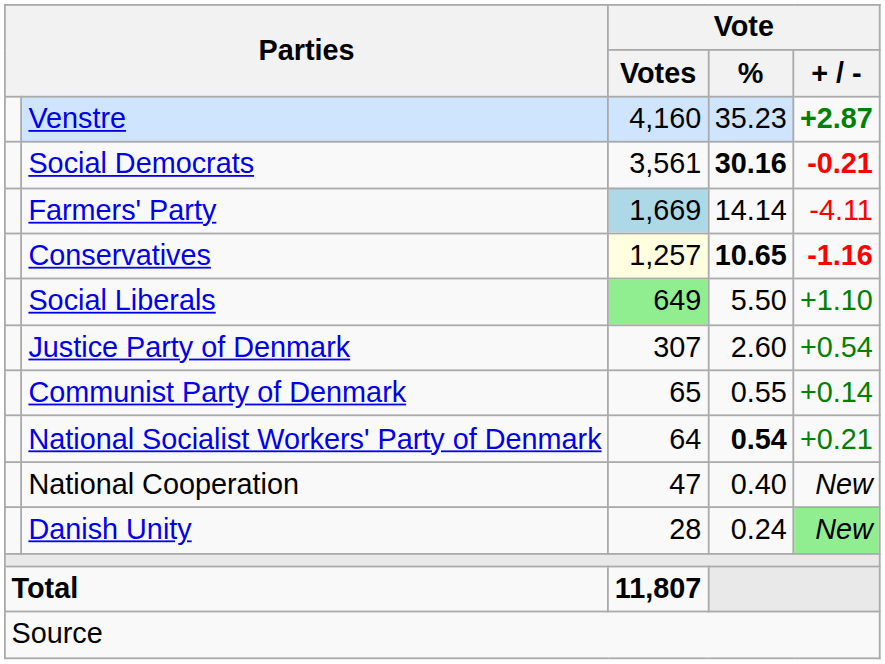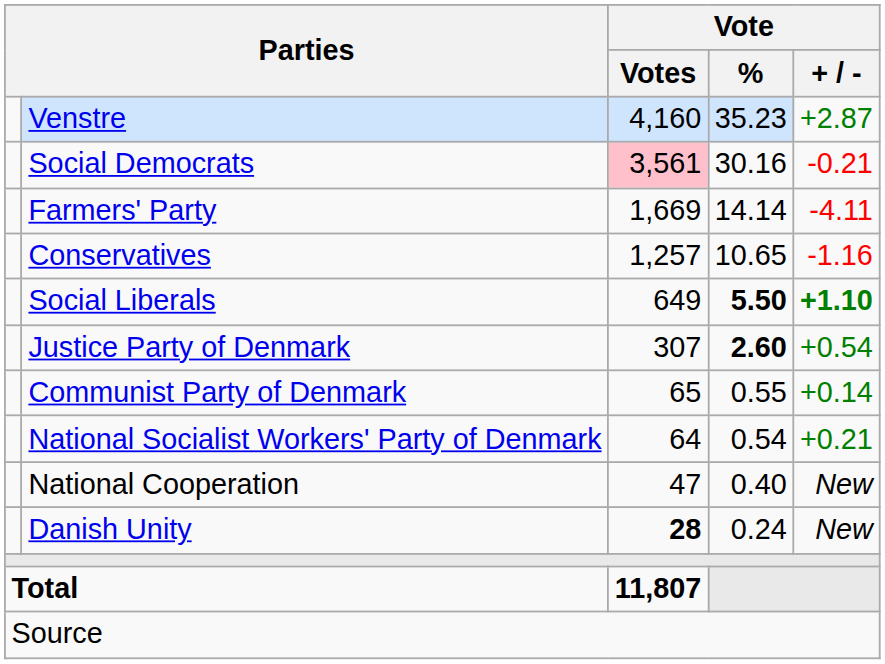 <table class="wikitable" style="text-align:right;">
 <tr>
 <th style="text-align:centre;" rowspan="2" colspan="2" width="225">Parties</th>
 <th colspan="3">Vote</th>
 </tr>
 <tr>
 <th width="15">Votes</th>
 <th width="15">%</th>
 <th width="15">+ / -</th>
 </tr>
 <tr>
 <td width="2" style="color:inherit;background:"></td>
 <td bgcolor=#cfe5fe  align="left"><a href='#'>Venstre</a></td>
 <td bgcolor=#cfe5fe>4,160</td>
 <td bgcolor=#cfe5fe>35.23</td>
-<td style=color:green;><strong>+2.87</strong></td>
+<td style=color:green;>+2.87</td>
 </tr>
 <tr>
 <td width="2" style="color:inherit;background:"></td>
 <td align="left"><a href='#'>Social Democrats</a></td>
-<td>3,561</td>
-<td><strong>30.16</strong></td>
-<td style=color:red;><strong>-0.21</strong></td>
+<td style="background: pink;">3,561</td>
+<td>30.16</td>
+<td style=color:red;>-0.21</td>
 </tr>
 <tr>
 <td width="2" style="color:inherit;background:"></td>
 <td align="left"><a href='#'>Farmers' Party</a></td>
-<td style="background: lightblue;">1,669</td>
+<td>1,669</td>
 <td>14.14</td>
 <td style=color:red;>-4.11</td>
 </tr>
 <tr>
 <td width="2" style="color:inherit;background:"></td>
 <td align="left"><a href='#'>Conservatives</a></td>
-<td style="background: lightyellow;">1,257</td>
-<td><strong>10.65</strong></td>
-<td style=color:red;><strong>-1.16</strong></td>
+<td>1,257</td>
+<td>10.65</td>
+<td style=color:red;>-1.16</td>
 </tr>
 <tr>
 <td width="2" style="color:inherit;background:"></td>
 <td align="left"><a href='#'>Social Liberals</a></td>
-<td style="background: lightgreen;">649</td>
-<td>5.50</td>
-<td style=color:green;>+1.10</td>
+<td>649</td>
+<td><strong>5.50</strong></td>
+<td style=color:green;><strong>+1.10</strong></td>
 </tr>
 <tr>
 <td width="2" style="color:inherit;background:"></td>
 <td align="left"><a href='#'>Justice Party of Denmark</a></td>
 <td>307</td>
-<td>2.60</td>
+<td><strong>2.60</strong></td>
 <td style=color:green;>+0.54</td>
 </tr>
 <tr>
 <td width="2" style="color:inherit;background:"></td>
 <td align="left"><a href='#'>Communist Party of Denmark</a></td>
 <td>65</td>
 <td>0.55</td>
 <td style=color:green;>+0.14</td>
 </tr>
 <tr>
 <td width="2" style="color:inherit;background:"></td>
 <td align="left"><a href='#'>National Socialist Workers' Party of Denmark</a></td>
 <td>64</td>
-<td><strong>0.54</strong></td>
+<td>0.54</td>
 <td style=color:green;>+0.21</td>
 </tr>
 <tr>
 <td width="2" style="color:inherit;background:"></td>
 <td align="left">National Cooperation</td>
 <td>47</td>
 <td>0.40</td>
 <td><em>New</em></td>
 </tr>
 <tr>
 <td width="2" style="color:inherit;background:"></td>
 <td align="left"><a href='#'>Danish Unity</a></td>
-<td>28</td>
+<td><strong>28</strong></td>
 <td>0.24</td>
-<td style="background: lightgreen;"><em>New</em></td>
+<td><em>New</em></td>
 </tr>
 <tr>
 <td colspan="7" bgcolor="#E9E9E9"></td>
 </tr>
 <tr>
 <td align="left" colspan="2"><strong>Total</strong></td>
 <td><strong>11,807</strong></td>
 <td bgcolor="#E9E9E9" colspan="2"></td>
 </tr>
 <tr>
 <td align="left" colspan="6">Source</td>
 </tr>
 </table>
